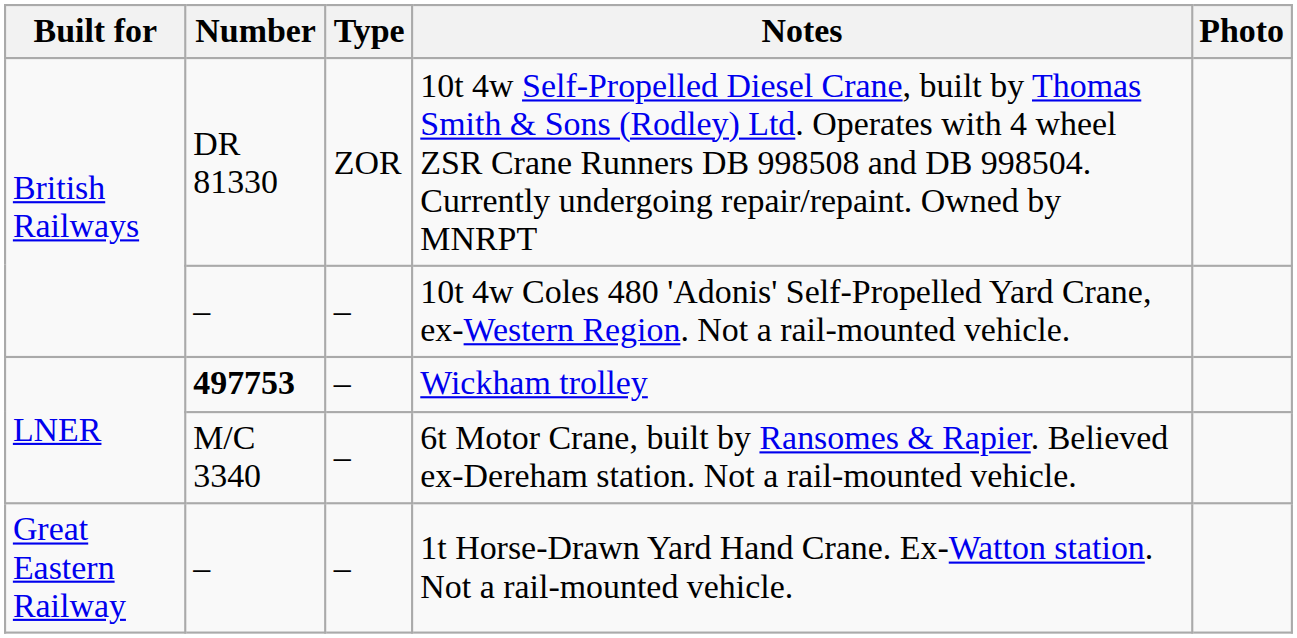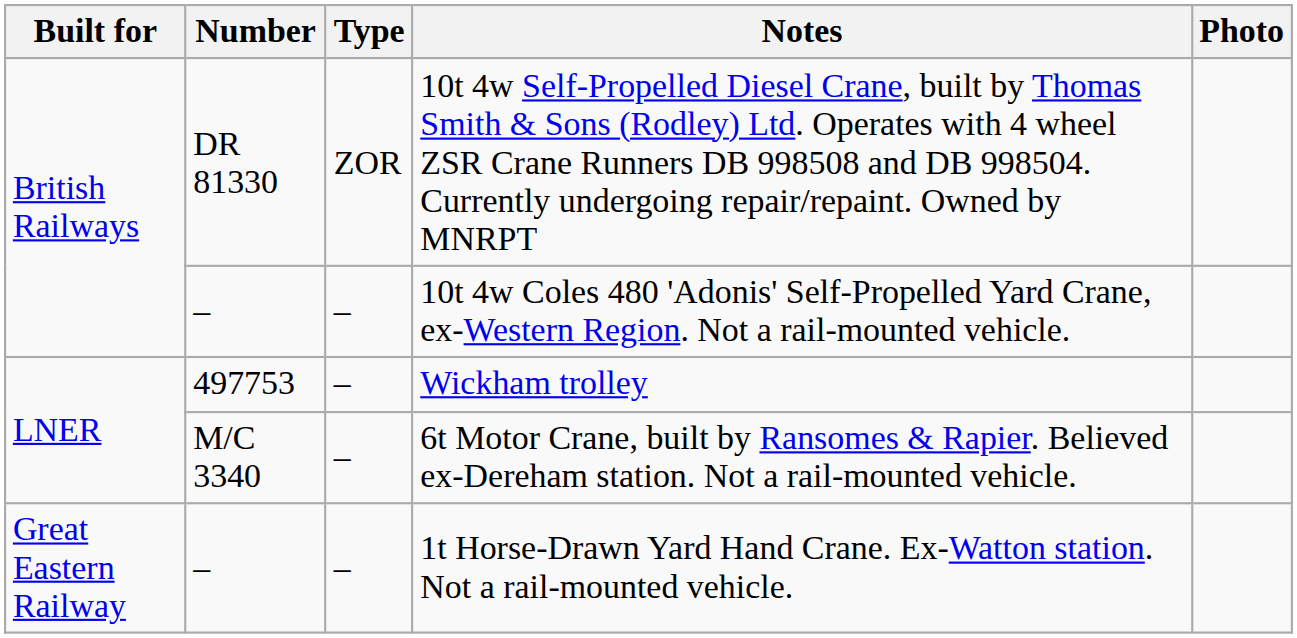 <table class="wikitable">
 <tr>
 <th>Built for</th>
 <th>Number</th>
 <th>Type</th>
 <th>Notes</th>
 <th>Photo</th>
 </tr>
 <tr>
 <td rowspan=2><a href='#'>British Railways</a></td>
 <td>DR 81330</td>
 <td>ZOR</td>
 <td>10t 4w <a href='#'>Self-Propelled Diesel Crane</a>, built by <a href='#'>Thomas Smith & Sons (Rodley) Ltd</a>. Operates with 4 wheel ZSR Crane Runners DB 998508 and DB 998504. Currently undergoing repair/repaint. Owned by MNRPT</td>
 <td></td>
 </tr>
 <tr>
 <td>–</td>
 <td>–</td>
 <td>10t 4w Coles 480 'Adonis' Self-Propelled Yard Crane, ex-<a href='#'>Western Region</a>. Not a rail-mounted vehicle.</td>
 <td></td>
 </tr>
 <tr>
 <td rowspan=2><a href='#'>LNER</a></td>
-<td><strong>497753</strong></td>
+<td>497753</td>
 <td>–</td>
 <td><a href='#'>Wickham trolley</a></td>
 <td></td>
 </tr>
 <tr>
 <td>M/C 3340</td>
 <td>–</td>
 <td>6t Motor Crane, built by <a href='#'>Ransomes & Rapier</a>. Believed ex-Dereham station. Not a rail-mounted vehicle.</td>
 <td></td>
 </tr>
 <tr>
 <td><a href='#'>Great Eastern Railway</a></td>
 <td>–</td>
 <td>–</td>
 <td>1t Horse-Drawn Yard Hand Crane. Ex-<a href='#'>Watton station</a>. Not a rail-mounted vehicle.</td>
 <td></td>
 </tr>
 </table>
